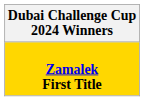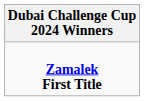 <table class="wikitable" style="text-align: center; margin: 0 auto;">
 <tr>
 <th>Dubai Challenge Cup<br>2024 Winners</th>
 </tr>
 <tr>
-<td style="background: gold;"><br><strong><a href='#'>Zamalek</a></strong><br><strong>First Title</strong></td>
+<td><br><strong><a href='#'>Zamalek</a></strong><br><strong>First Title</strong></td>
 </tr>
 </table>
